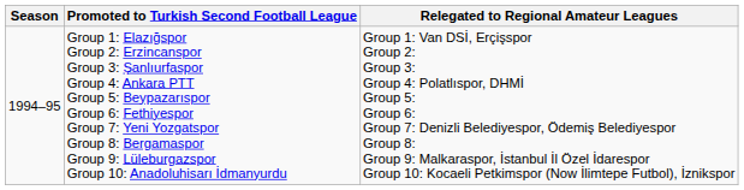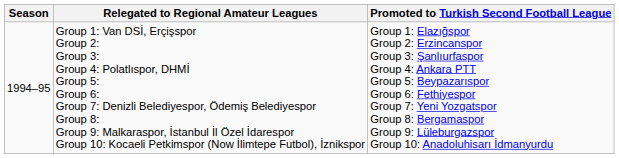 <table class="wikitable">
 <tr>
 <th>Season</th>
+<th>Relegated to Regional Amateur Leagues</th>
 <th>Promoted to <a href='#'>Turkish Second Football League</a></th>
-<th>Relegated to Regional Amateur Leagues</th>
 </tr>
 <tr>
 <td>1994–95</td>
+<td>Group 1: Van DSİ, Erçişspor<br>Group 2: <br>Group 3: <br>Group 4: Polatlıspor, DHMİ<br>Group 5: <br>Group 6: <br>Group 7: Denizli Belediyespor, Ödemiş Belediyespor<br>Group 8: <br>Group 9: Malkaraspor, İstanbul İl Özel İdarespor<br>Group 10: Kocaeli Petkimspor (Now İlimtepe Futbol), İznikspor</td>
 <td>Group 1: <a href='#'>Elazığspor</a><br>Group 2: <a href='#'>Erzincanspor</a><br>Group 3: <a href='#'>Şanlıurfaspor</a><br>Group 4: <a href='#'>Ankara PTT</a><br>Group 5: <a href='#'>Beypazarıspor</a><br>Group 6: <a href='#'>Fethiyespor</a><br>Group 7: <a href='#'>Yeni Yozgatspor</a><br>Group 8: <a href='#'>Bergamaspor</a><br>Group 9: <a href='#'>Lüleburgazspor</a><br>Group 10: <a href='#'>Anadoluhisarı İdmanyurdu</a></td>
-<td>Group 1: Van DSİ, Erçişspor<br>Group 2: <br>Group 3: <br>Group 4: Polatlıspor, DHMİ<br>Group 5: <br>Group 6: <br>Group 7: Denizli Belediyespor, Ödemiş Belediyespor<br>Group 8: <br>Group 9: Malkaraspor, İstanbul İl Özel İdarespor<br>Group 10: Kocaeli Petkimspor (Now İlimtepe Futbol), İznikspor</td>
 </tr>
 </table>
